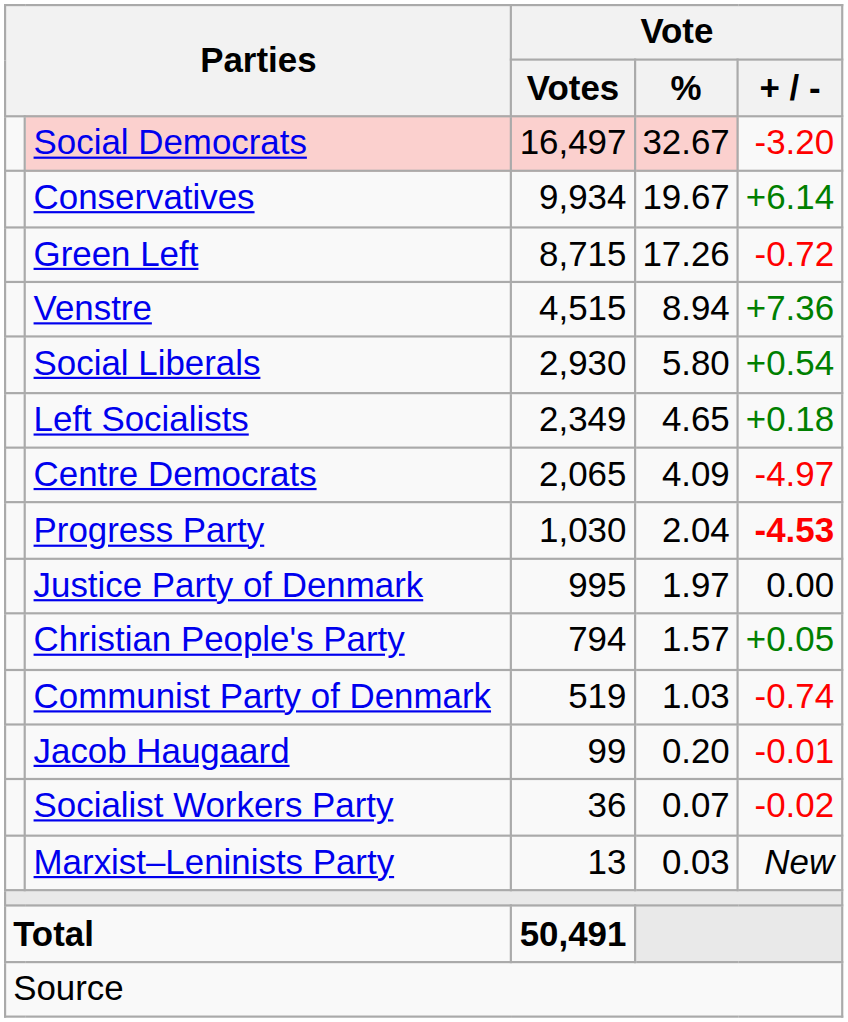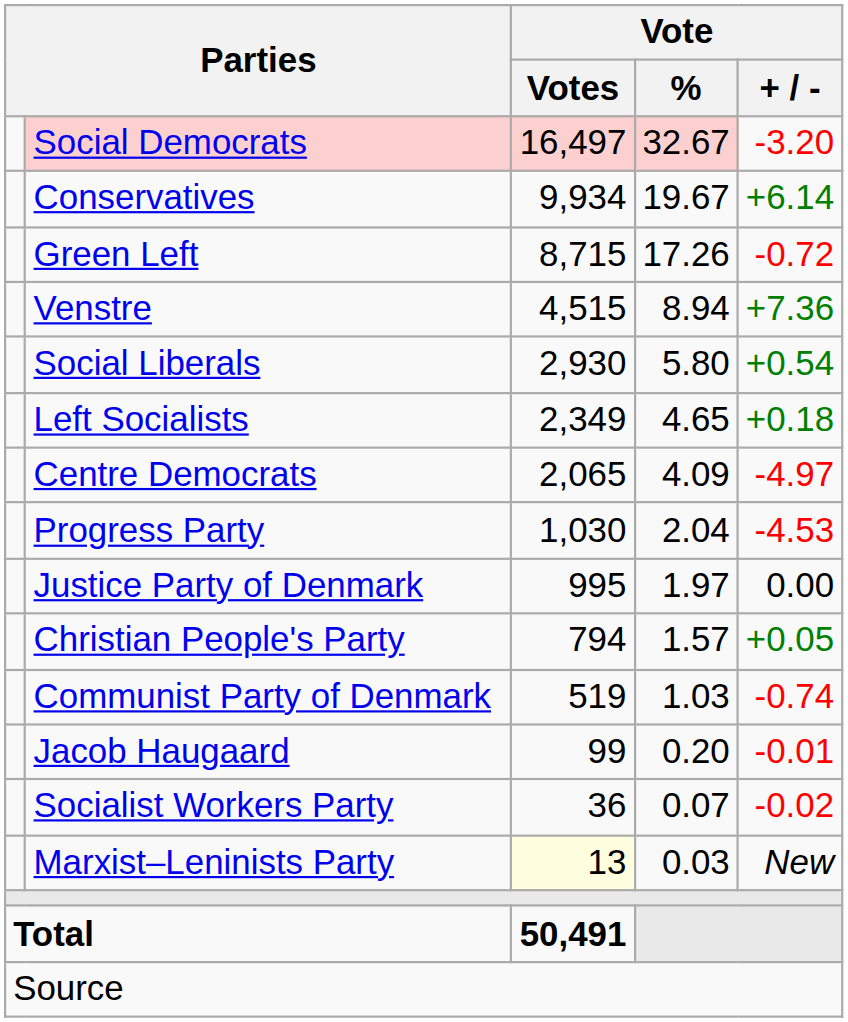 <table class="wikitable" style="text-align:right;">
 <tr>
 <th style="text-align:centre;" rowspan="2" colspan="2" width="225">Parties</th>
 <th colspan="3">Vote</th>
 </tr>
 <tr>
 <th width="15">Votes</th>
 <th width="15">%</th>
 <th width="15">+ / -</th>
 </tr>
 <tr>
 <td width="2" style="color:inherit;background:"></td>
 <td bgcolor=#fbd0ce  align="left"><a href='#'>Social Democrats</a></td>
 <td bgcolor=#fbd0ce>16,497</td>
 <td bgcolor=#fbd0ce>32.67</td>
 <td style=color:red;>-3.20</td>
 </tr>
 <tr>
 <td width="2" style="color:inherit;background:"></td>
 <td align="left"><a href='#'>Conservatives</a></td>
 <td>9,934</td>
 <td>19.67</td>
 <td style=color:green;>+6.14</td>
 </tr>
 <tr>
 <td width="2" style="color:inherit;background:"></td>
 <td align="left"><a href='#'>Green Left</a></td>
 <td>8,715</td>
 <td>17.26</td>
 <td style=color:red;>-0.72</td>
 </tr>
 <tr>
 <td width="2" style="color:inherit;background:"></td>
 <td align="left"><a href='#'>Venstre</a></td>
 <td>4,515</td>
 <td>8.94</td>
 <td style=color:green;>+7.36</td>
 </tr>
 <tr>
 <td width="2" style="color:inherit;background:"></td>
 <td align="left"><a href='#'>Social Liberals</a></td>
 <td>2,930</td>
 <td>5.80</td>
 <td style=color:green;>+0.54</td>
 </tr>
 <tr>
 <td width="2" style="color:inherit;background:"></td>
 <td align="left"><a href='#'>Left Socialists</a></td>
 <td>2,349</td>
 <td>4.65</td>
 <td style=color:green;>+0.18</td>
 </tr>
 <tr>
 <td width="2" style="color:inherit;background:"></td>
 <td align="left"><a href='#'>Centre Democrats</a></td>
 <td>2,065</td>
 <td>4.09</td>
 <td style=color:red;>-4.97</td>
 </tr>
 <tr>
 <td width="2" style="color:inherit;background:"></td>
 <td align="left"><a href='#'>Progress Party</a></td>
 <td>1,030</td>
 <td>2.04</td>
-<td style=color:red;><strong>-4.53</strong></td>
+<td style=color:red;>-4.53</td>
 </tr>
 <tr>
 <td width="2" style="color:inherit;background:"></td>
 <td align="left"><a href='#'>Justice Party of Denmark</a></td>
 <td>995</td>
 <td>1.97</td>
 <td>0.00</td>
 </tr>
 <tr>
 <td width="2" style="color:inherit;background:"></td>
 <td align="left"><a href='#'>Christian People's Party</a></td>
 <td>794</td>
 <td>1.57</td>
 <td style=color:green;>+0.05</td>
 </tr>
 <tr>
 <td width="2" style="color:inherit;background:"></td>
 <td align="left"><a href='#'>Communist Party of Denmark</a></td>
 <td>519</td>
 <td>1.03</td>
 <td style=color:red;>-0.74</td>
 </tr>
 <tr>
 <td width="2" style="color:inherit;background:"></td>
 <td align="left"><a href='#'>Jacob Haugaard</a></td>
 <td>99</td>
 <td>0.20</td>
 <td style=color:red;>-0.01</td>
 </tr>
 <tr>
 <td width="2" style="color:inherit;background:"></td>
 <td align="left"><a href='#'>Socialist Workers Party</a></td>
 <td>36</td>
 <td>0.07</td>
 <td style=color:red;>-0.02</td>
 </tr>
 <tr>
 <td width="2" style="color:inherit;background:"></td>
 <td align="left"><a href='#'>Marxist–Leninists Party</a></td>
-<td>13</td>
+<td style="background: lightyellow;">13</td>
 <td>0.03</td>
 <td><em>New</em></td>
 </tr>
 <tr>
 <td colspan="7" bgcolor="#E9E9E9"></td>
 </tr>
 <tr>
 <td align="left" colspan="2"><strong>Total</strong></td>
 <td><strong>50,491</strong></td>
 <td bgcolor="#E9E9E9" colspan="2"></td>
 </tr>
 <tr>
 <td align="left" colspan="6">Source</td>
 </tr>
 </table>
